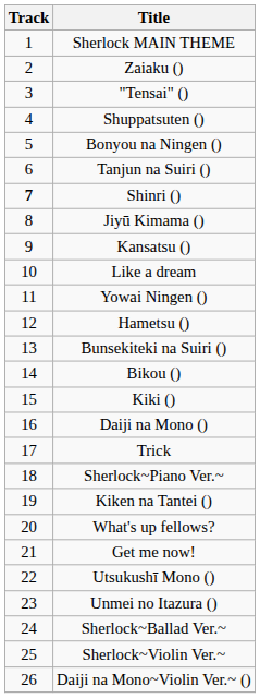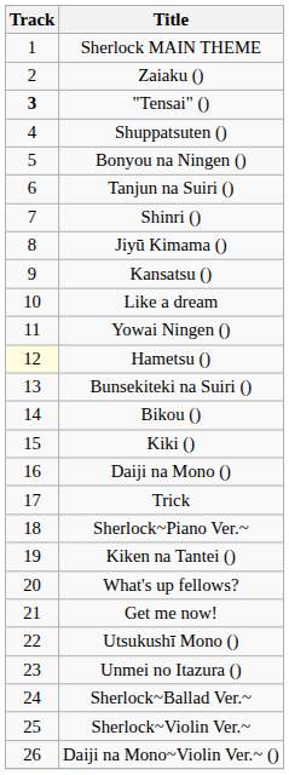 <table class="wikitable" style="text-align:center">
 <tr>
 <th>Track</th>
 <th>Title</th>
 </tr>
 <tr>
 <td>1</td>
 <td>Sherlock MAIN THEME</td>
 </tr>
 <tr>
 <td>2</td>
 <td>Zaiaku ()</td>
 </tr>
 <tr>
-<td>3</td>
+<td><strong>3</strong></td>
 <td>"Tensai" ()</td>
 </tr>
 <tr>
 <td>4</td>
 <td>Shuppatsuten ()</td>
 </tr>
 <tr>
 <td>5</td>
 <td>Bonyou na Ningen ()</td>
 </tr>
 <tr>
 <td>6</td>
 <td>Tanjun na Suiri ()</td>
 </tr>
 <tr>
-<td><strong>7</strong></td>
+<td>7</td>
 <td>Shinri ()</td>
 </tr>
 <tr>
 <td>8</td>
 <td>Jiyū Kimama ()</td>
 </tr>
 <tr>
 <td>9</td>
 <td>Kansatsu ()</td>
 </tr>
 <tr>
 <td>10</td>
 <td>Like a dream</td>
 </tr>
 <tr>
 <td>11</td>
 <td>Yowai Ningen ()</td>
 </tr>
 <tr>
-<td>12</td>
+<td style="background: lightyellow;">12</td>
 <td>Hametsu ()</td>
 </tr>
 <tr>
 <td>13</td>
 <td>Bunsekiteki na Suiri ()</td>
 </tr>
 <tr>
 <td>14</td>
 <td>Bikou ()</td>
 </tr>
 <tr>
 <td>15</td>
 <td>Kiki ()</td>
 </tr>
 <tr>
 <td>16</td>
 <td>Daiji na Mono ()</td>
 </tr>
 <tr>
 <td>17</td>
 <td>Trick</td>
 </tr>
 <tr>
 <td>18</td>
 <td>Sherlock~Piano Ver.~</td>
 </tr>
 <tr>
 <td>19</td>
 <td>Kiken na Tantei ()</td>
 </tr>
 <tr>
 <td>20</td>
 <td>What's up fellows?</td>
 </tr>
 <tr>
 <td>21</td>
 <td>Get me now!</td>
 </tr>
 <tr>
 <td>22</td>
 <td>Utsukushī Mono ()</td>
 </tr>
 <tr>
 <td>23</td>
 <td>Unmei no Itazura ()</td>
 </tr>
 <tr>
 <td>24</td>
 <td>Sherlock~Ballad Ver.~</td>
 </tr>
 <tr>
 <td>25</td>
 <td>Sherlock~Violin Ver.~</td>
 </tr>
 <tr>
 <td>26</td>
 <td>Daiji na Mono~Violin Ver.~ ()</td>
 </tr>
 <tr>
 </tr>
 </table>
